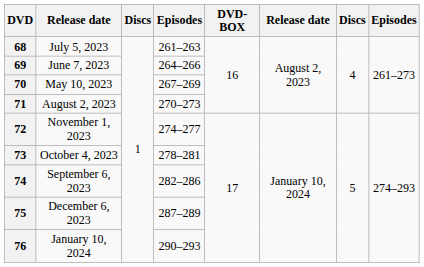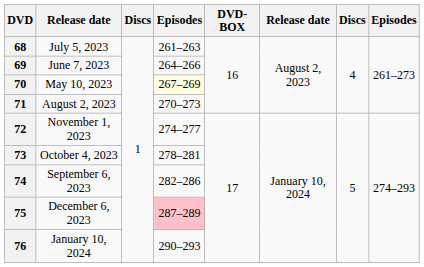 <table class="wikitable" style="text-align: center; width: 35%;">
 <tr>
 <th scope="col" 175px;>DVD</th>
 <th scope="col" 125px;>Release date</th>
 <th scope="col">Discs</th>
 <th scope="col">Episodes</th>
 <th scope="col">DVD-BOX</th>
 <th scope="col">Release date</th>
 <th scope="col">Discs</th>
 <th scope="col">Episodes</th>
 </tr>
 <tr>
 <th scope="row">68</th>
 <td>July 5, 2023</td>
 <td rowspan="9">1</td>
 <td>261–263</td>
 <td rowspan="4">16</td>
 <td rowspan="4">August 2, 2023</td>
 <td rowspan="4">4</td>
 <td rowspan="4">261–273</td>
 </tr>
 <tr>
 <th scope="row">69</th>
 <td>June 7, 2023</td>
 <td>264–266</td>
 </tr>
 <tr>
 <th scope="row">70</th>
 <td>May 10, 2023</td>
-<td>267–269</td>
+<td style="background: lightyellow;">267–269</td>
 </tr>
 <tr>
 <th scope="row">71</th>
 <td>August 2, 2023</td>
 <td>270–273</td>
 </tr>
 <tr>
 <th scope="row">72</th>
 <td>November 1, 2023</td>
 <td>274–277</td>
 <td rowspan="5">17</td>
 <td rowspan="5">January 10, 2024</td>
 <td rowspan="5">5</td>
 <td rowspan="5">274–293</td>
 </tr>
 <tr>
 <th scope="row">73</th>
 <td>October 4, 2023</td>
 <td>278–281</td>
 </tr>
 <tr>
 <th scope="row">74</th>
 <td>September 6, 2023</td>
 <td>282–286</td>
 </tr>
 <tr>
 <th scope="row">75</th>
 <td>December 6, 2023</td>
-<td>287–289</td>
+<td style="background: pink;">287–289</td>
 </tr>
 <tr>
 <th scope="row">76</th>
 <td>January 10, 2024</td>
 <td>290–293</td>
 </tr>
 </table>
